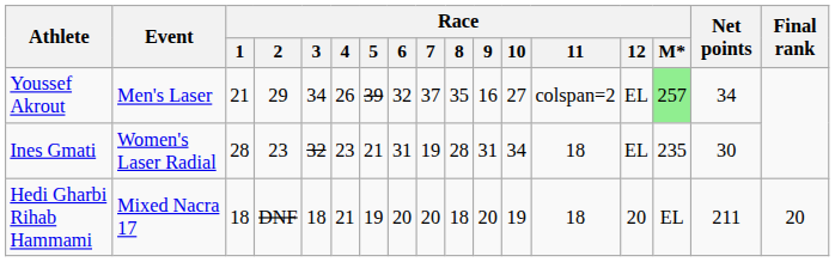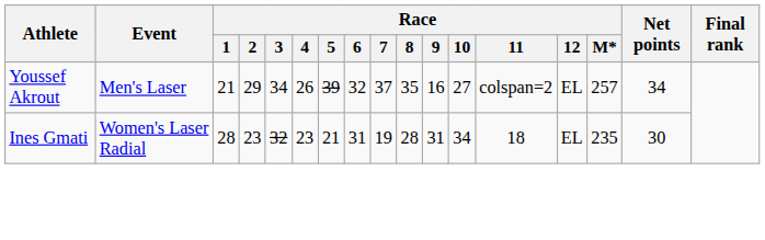 <table class="wikitable" style="font-size:90%">
 <tr>
 <th rowspan="2">Athlete</th>
 <th rowspan="2">Event</th>
 <th colspan=13>Race</th>
 <th rowspan=2>Net points</th>
 <th rowspan=2>Final rank</th>
 </tr>
 <tr style="font-size:95%">
 <th>1</th>
 <th>2</th>
 <th>3</th>
 <th>4</th>
 <th>5</th>
 <th>6</th>
 <th>7</th>
 <th>8</th>
 <th>9</th>
 <th>10</th>
 <th>11</th>
 <th>12</th>
 <th>M*</th>
 </tr>
 <tr align=center>
 <td align=left><a href='#'>Youssef Akrout</a></td>
 <td align=left><a href='#'>Men's Laser</a></td>
 <td>21</td>
 <td>29</td>
 <td>34</td>
 <td>26</td>
 <td><s>39</s></td>
 <td>32</td>
 <td>37</td>
 <td>35</td>
 <td>16</td>
 <td>27</td>
 <td>colspan=2 </td>
 <td>EL</td>
-<td style="background: lightgreen;">257</td>
+<td>257</td>
 <td>34</td>
 </tr>
 <tr align=center>
 <td align=left><a href='#'>Ines Gmati</a></td>
 <td align=left><a href='#'>Women's Laser Radial</a></td>
 <td>28</td>
 <td>23</td>
 <td><s>32</s></td>
 <td>23</td>
 <td>21</td>
 <td>31</td>
 <td>19</td>
 <td>28</td>
 <td>31</td>
 <td>34</td>
 <td>18</td>
 <td>EL</td>
 <td>235</td>
 <td>30</td>
 </tr>
-<tr align=center>
-<td align=left><a href='#'>Hedi Gharbi</a><br><a href='#'>Rihab Hammami</a></td>
-<td align=left><a href='#'>Mixed Nacra 17</a></td>
-<td>18</td>
-<td><s>DNF</s></td>
-<td>18</td>
-<td>21</td>
-<td>19</td>
-<td>20</td>
-<td>20</td>
-<td>18</td>
-<td>20</td>
-<td>19</td>
-<td>18</td>
-<td>20</td>
-<td>EL</td>
-<td>211</td>
-<td>20</td>
-</tr>
 </table>
